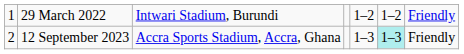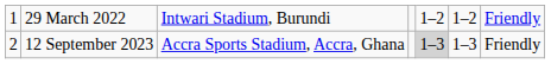 <table class="wikitable sortable">
 <tr>
 <td align="center">1</td>
 <td>29 March 2022</td>
 <td><a href='#'>Intwari Stadium</a>, Burundi</td>
 <td></td>
 <td align="center">1–2</td>
 <td align="center">1–2</td>
 <td><a href='#'>Friendly</a></td>
 </tr>
 <tr>
 <td align="center">2</td>
 <td>12 September 2023</td>
 <td><a href='#'>Accra Sports Stadium</a>, <a href='#'>Accra</a>, Ghana</td>
 <td></td>
+<td align="center" style="background: lightgrey;">1–3</td>
 <td align="center">1–3</td>
-<td align="center" style="background: paleturquoise;">1–3</td>
 <td>Friendly</td>
 </tr>
 </table>
